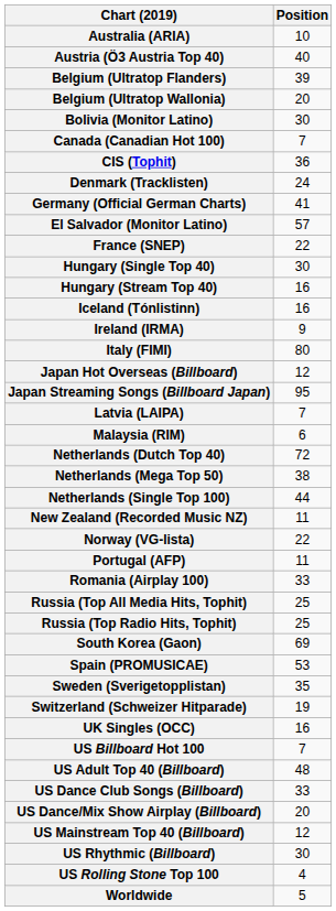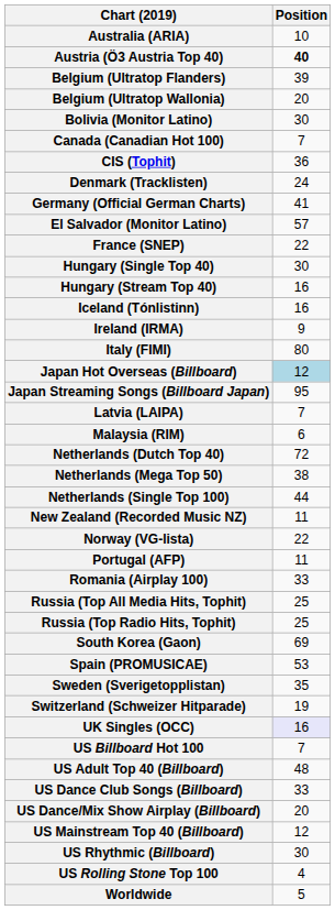 <table class="wikitable sortable plainrowheaders" style="text-align:center">
 <tr>
 <th scope="col">Chart (2019)</th>
 <th scope="col">Position</th>
 </tr>
 <tr>
 <th scope="row">Australia (ARIA)</th>
 <td>10</td>
 </tr>
 <tr>
 <th scope="row">Austria (Ö3 Austria Top 40)</th>
-<td>40</td>
+<td><strong>40</strong></td>
 </tr>
 <tr>
 <th scope="row">Belgium (Ultratop Flanders)</th>
 <td>39</td>
 </tr>
 <tr>
 <th scope="row">Belgium (Ultratop Wallonia)</th>
 <td>20</td>
 </tr>
 <tr>
 <th scope="row">Bolivia (Monitor Latino)</th>
 <td>30</td>
 </tr>
 <tr>
 <th scope="row">Canada (Canadian Hot 100)</th>
 <td>7</td>
 </tr>
 <tr>
 <th scope="row">CIS (<a href='#'>Tophit</a>)</th>
 <td>36</td>
 </tr>
 <tr>
 <th scope="row">Denmark (Tracklisten)</th>
 <td>24</td>
 </tr>
 <tr>
 <th scope="row">Germany (Official German Charts)</th>
 <td>41</td>
 </tr>
 <tr>
 <th scope="row">El Salvador (Monitor Latino)</th>
 <td>57</td>
 </tr>
 <tr>
 <th scope="row">France (SNEP)</th>
 <td>22</td>
 </tr>
 <tr>
 <th scope="row">Hungary (Single Top 40)</th>
 <td>30</td>
 </tr>
 <tr>
 <th scope="row">Hungary (Stream Top 40)</th>
 <td>16</td>
 </tr>
 <tr>
 <th scope="row">Iceland (Tónlistinn)</th>
 <td>16</td>
 </tr>
 <tr>
 <th scope="row">Ireland (IRMA)</th>
 <td>9</td>
 </tr>
 <tr>
 <th scope="row">Italy (FIMI)</th>
 <td>80</td>
 </tr>
 <tr>
 <th scope="row">Japan Hot Overseas (<em>Billboard</em>)</th>
-<td>12</td>
+<td style="background: lightblue;">12</td>
 </tr>
 <tr>
 <th scope="row">Japan Streaming Songs (<em>Billboard Japan</em>)</th>
 <td>95</td>
 </tr>
 <tr>
 <th scope="row">Latvia (LAIPA)</th>
 <td>7</td>
 </tr>
 <tr>
 <th scope="row">Malaysia (RIM)</th>
 <td>6</td>
 </tr>
 <tr>
 <th scope="row">Netherlands (Dutch Top 40)</th>
 <td>72</td>
 </tr>
 <tr>
 <th scope="row">Netherlands (Mega Top 50)</th>
 <td>38</td>
 </tr>
 <tr>
 <th scope="row">Netherlands (Single Top 100)</th>
 <td>44</td>
 </tr>
 <tr>
 <th scope="row">New Zealand (Recorded Music NZ)</th>
 <td>11</td>
 </tr>
 <tr>
 <th scope="row">Norway (VG-lista)</th>
 <td>22</td>
 </tr>
 <tr>
 <th scope="row">Portugal (AFP)</th>
 <td>11</td>
 </tr>
 <tr>
 <th scope="row">Romania (Airplay 100)</th>
 <td>33</td>
 </tr>
 <tr>
 <th scope="row">Russia (Top All Media Hits, Tophit)</th>
 <td>25</td>
 </tr>
 <tr>
 <th scope="row">Russia (Top Radio Hits, Tophit)</th>
 <td>25</td>
 </tr>
 <tr>
 <th scope="row">South Korea (Gaon)</th>
 <td>69</td>
 </tr>
 <tr>
 <th scope="row">Spain (PROMUSICAE)</th>
 <td>53</td>
 </tr>
 <tr>
 <th scope="row">Sweden (Sverigetopplistan)</th>
 <td>35</td>
 </tr>
 <tr>
 <th scope="row">Switzerland (Schweizer Hitparade)</th>
 <td>19</td>
 </tr>
 <tr>
 <th scope="row">UK Singles (OCC)</th>
-<td>16</td>
+<td style="background: lavender;">16</td>
 </tr>
 <tr>
 <th scope="row">US <em>Billboard</em> Hot 100</th>
 <td>7</td>
 </tr>
 <tr>
 <th scope="row">US Adult Top 40 (<em>Billboard</em>)</th>
 <td>48</td>
 </tr>
 <tr>
 <th scope="row">US Dance Club Songs (<em>Billboard</em>)</th>
 <td>33</td>
 </tr>
 <tr>
 <th scope="row">US Dance/Mix Show Airplay (<em>Billboard</em>)</th>
 <td>20</td>
 </tr>
 <tr>
 <th scope="row">US Mainstream Top 40 (<em>Billboard</em>)</th>
 <td>12</td>
 </tr>
 <tr>
 <th scope="row">US Rhythmic (<em>Billboard</em>)</th>
 <td>30</td>
 </tr>
 <tr>
 <th scope="row">US <em>Rolling Stone</em> Top 100</th>
 <td>4</td>
 </tr>
 <tr>
 <th scope="row">Worldwide</th>
 <td>5</td>
 </tr>
 </table>
